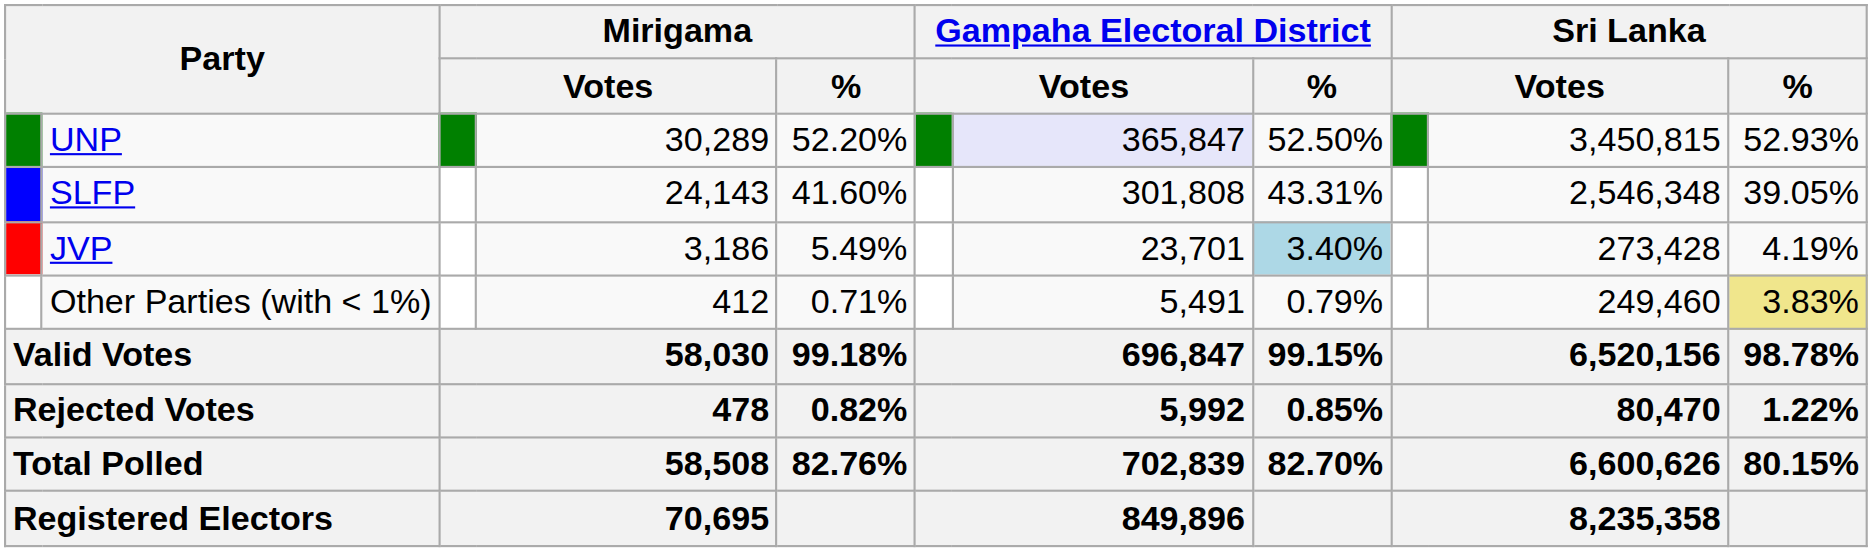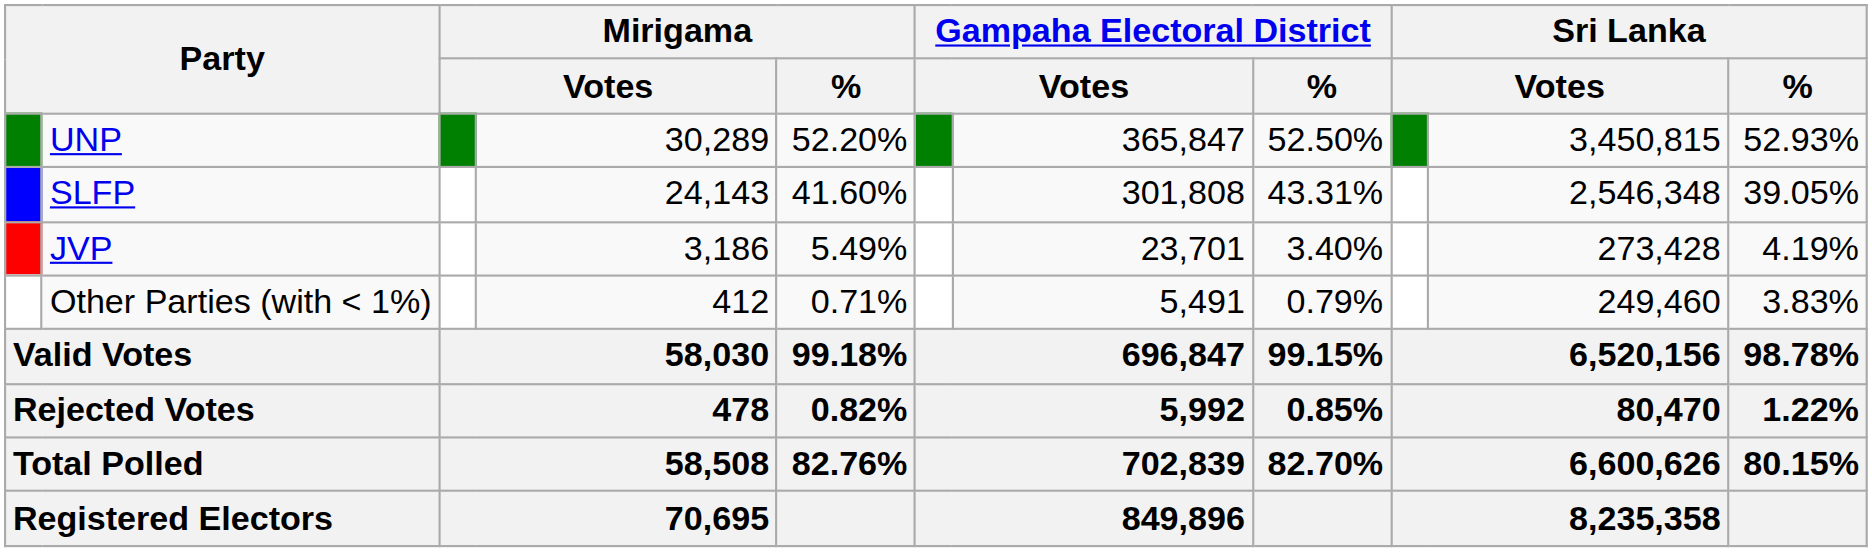 <table class="wikitable">
 <tr>
 <th colspan="2" width="144px"rowspan="2">Party</th>
 <th colspan="3" width="216px">Mirigama</th>
 <th colspan="3" width="216px"><a href='#'>Gampaha Electoral District</a></th>
 <th colspan="3" width="216px">Sri Lanka</th>
 </tr>
 <tr>
 <th colspan="2" width="144px">Votes</th>
 <th>%</th>
 <th colspan="2" width="144px">Votes</th>
 <th>%</th>
 <th colspan="2" width="144px">Votes</th>
 <th>%</th>
 </tr>
 <tr>
 <td style="background-color:green;" width="10px"></td>
 <td style="text-align:left;"><a href='#'>UNP</a></td>
 <td style="background-color:green;" width="10px"></td>
 <td style="text-align:right;">30,289</td>
 <td style="text-align:right;">52.20%</td>
 <td style="background-color:green;" width="10px"></td>
-<td style="background: lavender; text-align:right;">365,847</td>
+<td style="text-align:right;">365,847</td>
 <td style="text-align:right;">52.50%</td>
 <td style="background-color:green;" width="10px"></td>
 <td style="text-align:right;">3,450,815</td>
 <td style="text-align:right;">52.93%</td>
 </tr>
 <tr>
 <td style="background-color:blue;" width="10px"></td>
 <td style="text-align:left;"><a href='#'>SLFP</a></td>
 <td style="background-color:white;" width="10px"></td>
 <td style="text-align:right;">24,143</td>
 <td style="text-align:right;">41.60%</td>
 <td style="background-color:white;" width="10px"></td>
 <td style="text-align:right;">301,808</td>
 <td style="text-align:right;">43.31%</td>
 <td style="background-color:white;" width="10px"></td>
 <td style="text-align:right;">2,546,348</td>
 <td style="text-align:right;">39.05%</td>
 </tr>
 <tr>
 <td style="background-color:red;" width="10px"></td>
 <td style="text-align:left;"><a href='#'>JVP</a></td>
 <td style="background-color:white;" width="10px"></td>
 <td style="text-align:right;">3,186</td>
 <td style="text-align:right;">5.49%</td>
 <td style="background-color:white;" width="10px"></td>
 <td style="text-align:right;">23,701</td>
-<td style="background: lightblue; text-align:right;">3.40%</td>
+<td style="text-align:right;">3.40%</td>
 <td style="background-color:white;" width="10px"></td>
 <td style="text-align:right;">273,428</td>
 <td style="text-align:right;">4.19%</td>
 </tr>
 <tr>
 <td style="background-color:white;" width="10px"></td>
 <td style="text-align:left;">Other Parties (with < 1%)</td>
 <td style="background-color:white;" width="10px"></td>
 <td style="text-align:right;">412</td>
 <td style="text-align:right;">0.71%</td>
 <td style="background-color:white;" width="10px"></td>
 <td style="text-align:right;">5,491</td>
 <td style="text-align:right;">0.79%</td>
 <td style="background-color:white;" width="10px"></td>
 <td style="text-align:right;">249,460</td>
-<td style="background: khaki; text-align:right;">3.83%</td>
+<td style="text-align:right;">3.83%</td>
 </tr>
 <tr>
 <th colspan="2" width="144px"style="text-align:left;">Valid Votes</th>
 <th style="text-align:right;"colspan="2" width="144px">58,030</th>
 <th style="text-align:right;">99.18%</th>
 <th style="text-align:right;"colspan="2" width="144px">696,847</th>
 <th style="text-align:right;">99.15%</th>
 <th style="text-align:right;"colspan="2" width="144px">6,520,156</th>
 <th style="text-align:right;">98.78%</th>
 </tr>
 <tr>
 <th colspan="2" width="144px"style="text-align:left;">Rejected Votes</th>
 <th style="text-align:right;"colspan="2" width="144px">478</th>
 <th style="text-align:right;">0.82%</th>
 <th style="text-align:right;"colspan="2" width="144px">5,992</th>
 <th style="text-align:right;">0.85%</th>
 <th style="text-align:right;"colspan="2" width="144px">80,470</th>
 <th style="text-align:right;">1.22%</th>
 </tr>
 <tr>
 <th colspan="2" width="144px"style="text-align:left;">Total Polled</th>
 <th style="text-align:right;"colspan="2" width="144px">58,508</th>
 <th style="text-align:right;">82.76%</th>
 <th style="text-align:right;"colspan="2" width="144px">702,839</th>
 <th style="text-align:right;">82.70%</th>
 <th style="text-align:right;"colspan="2" width="144px">6,600,626</th>
 <th style="text-align:right;">80.15%</th>
 </tr>
 <tr>
 <th colspan="2" width="144px"style="text-align:left;">Registered Electors</th>
 <th style="text-align:right;"colspan="2" width="144px">70,695</th>
 <th></th>
 <th style="text-align:right;"colspan="2" width="144px">849,896</th>
 <th></th>
 <th style="text-align:right;"colspan="2" width="144px">8,235,358</th>
 <th></th>
 </tr>
 </table>
